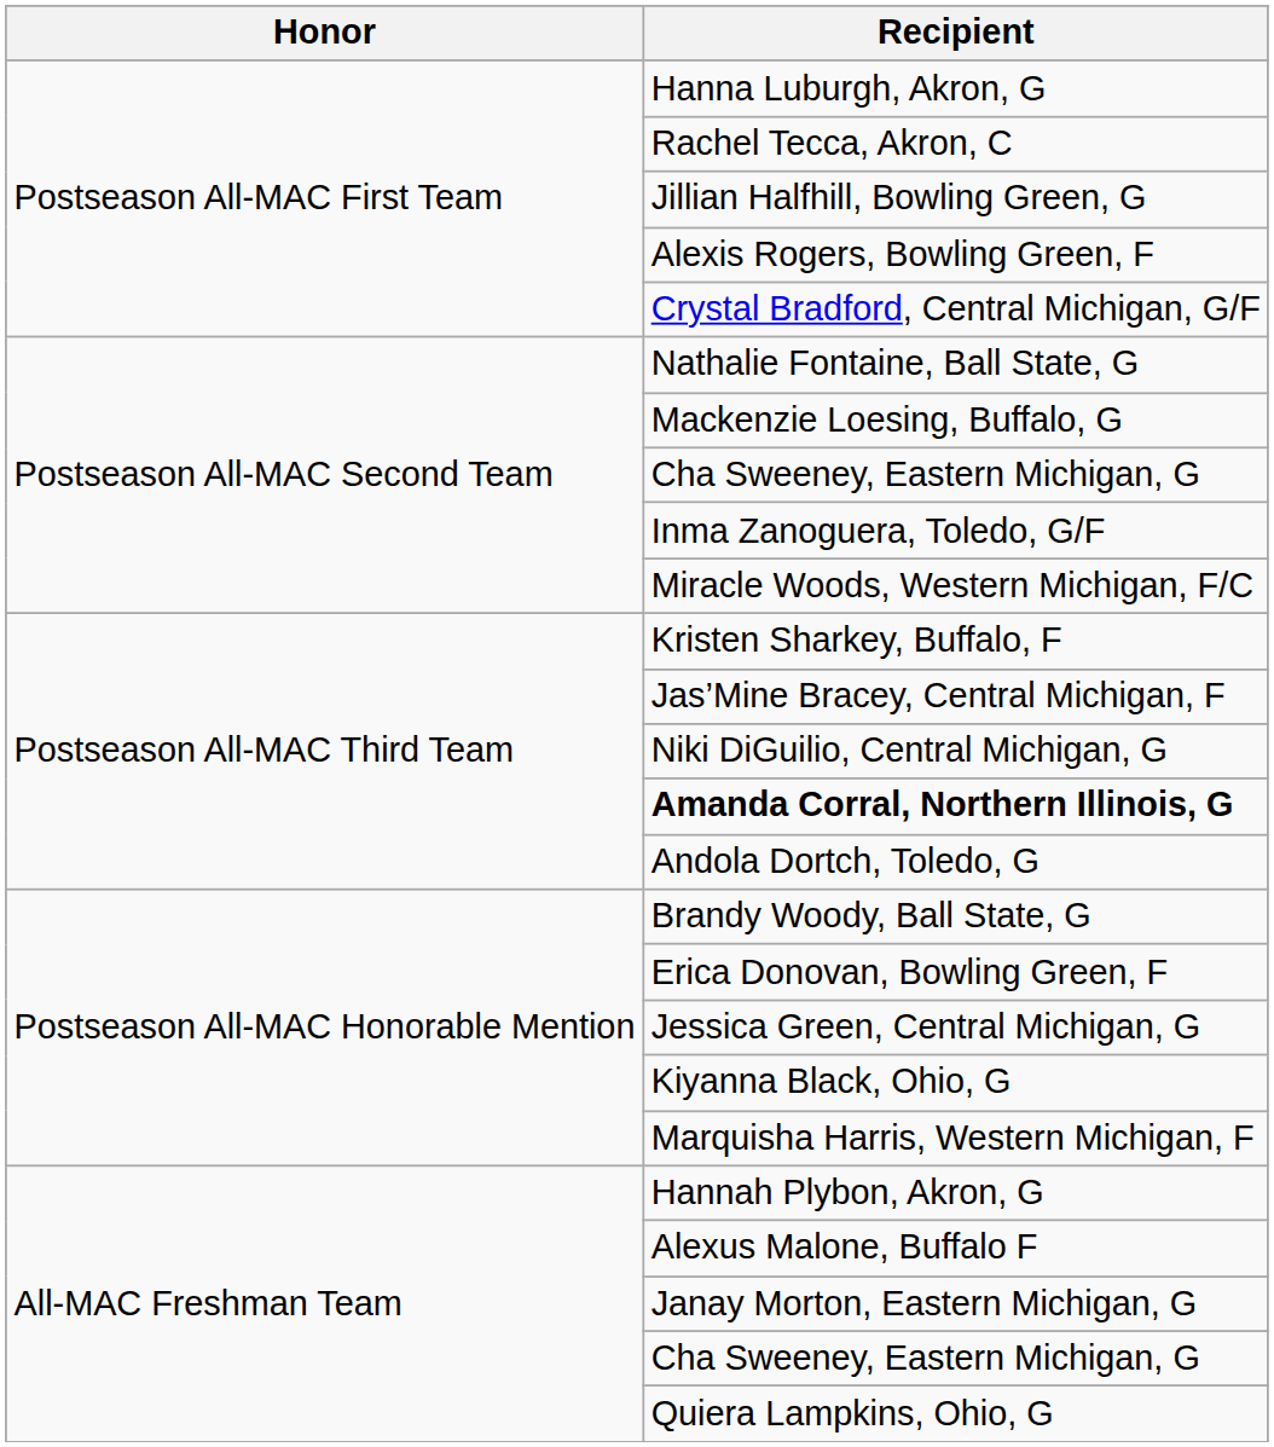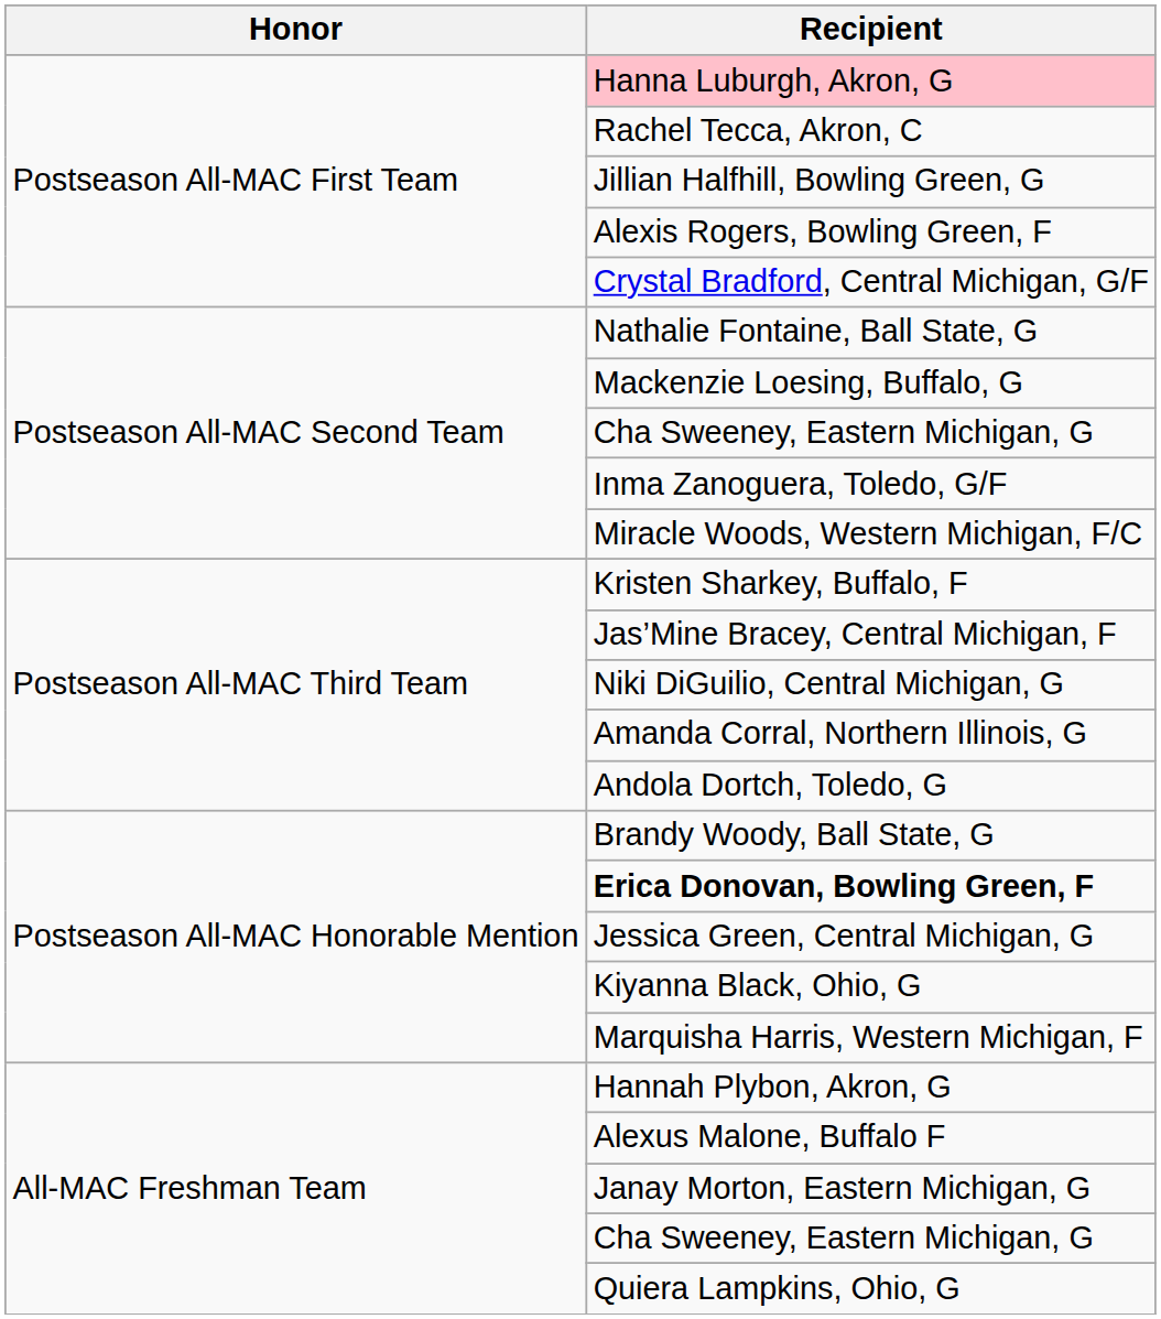 <table class="wikitable" border="1">
 <tr>
 <th>Honor</th>
 <th>Recipient</th>
 </tr>
 <tr>
 <td rowspan=5 valign=middle>Postseason All-MAC First Team</td>
-<td>Hanna Luburgh, Akron, G</td>
+<td style="background: pink;">Hanna Luburgh, Akron, G</td>
 </tr>
 <tr>
 <td>Rachel Tecca, Akron, C</td>
 </tr>
 <tr>
 <td>Jillian Halfhill, Bowling Green, G</td>
 </tr>
 <tr>
 <td>Alexis Rogers, Bowling Green, F</td>
 </tr>
 <tr>
 <td><a href='#'>Crystal Bradford</a>, Central Michigan, G/F</td>
 </tr>
 <tr>
 <td rowspan=5 valign=middle>Postseason All-MAC Second Team</td>
 <td>Nathalie Fontaine, Ball State, G</td>
 </tr>
 <tr>
 <td>Mackenzie Loesing, Buffalo, G</td>
 </tr>
 <tr>
 <td>Cha Sweeney, Eastern Michigan, G</td>
 </tr>
 <tr>
 <td>Inma Zanoguera, Toledo, G/F</td>
 </tr>
 <tr>
 <td>Miracle Woods, Western Michigan, F/C</td>
 </tr>
 <tr>
 <td rowspan=5 valign=middle>Postseason All-MAC Third Team</td>
 <td>Kristen Sharkey, Buffalo, F</td>
 </tr>
 <tr>
 <td>Jas’Mine Bracey, Central Michigan, F</td>
 </tr>
 <tr>
 <td>Niki DiGuilio, Central Michigan, G</td>
 </tr>
 <tr>
-<td><strong>Amanda Corral, Northern Illinois, G</strong></td>
+<td>Amanda Corral, Northern Illinois, G</td>
 </tr>
 <tr>
 <td>Andola Dortch, Toledo, G</td>
 </tr>
 <tr>
 <td rowspan=5 valign=middle>Postseason All-MAC Honorable Mention</td>
 <td>Brandy Woody, Ball State, G</td>
 </tr>
 <tr>
-<td>Erica Donovan, Bowling Green, F</td>
+<td><strong>Erica Donovan, Bowling Green, F</strong></td>
 </tr>
 <tr>
 <td>Jessica Green, Central Michigan, G</td>
 </tr>
 <tr>
 <td>Kiyanna Black, Ohio, G</td>
 </tr>
 <tr>
 <td>Marquisha Harris, Western Michigan, F</td>
 </tr>
 <tr>
 <td rowspan=5 valign=middle>All-MAC Freshman Team</td>
 <td>Hannah Plybon, Akron, G</td>
 </tr>
 <tr>
 <td>Alexus Malone, Buffalo F</td>
 </tr>
 <tr>
 <td>Janay Morton, Eastern Michigan, G</td>
 </tr>
 <tr>
 <td>Cha Sweeney, Eastern Michigan, G</td>
 </tr>
 <tr>
 <td>Quiera Lampkins, Ohio, G</td>
 </tr>
 <tr>
 </tr>
 </table>
